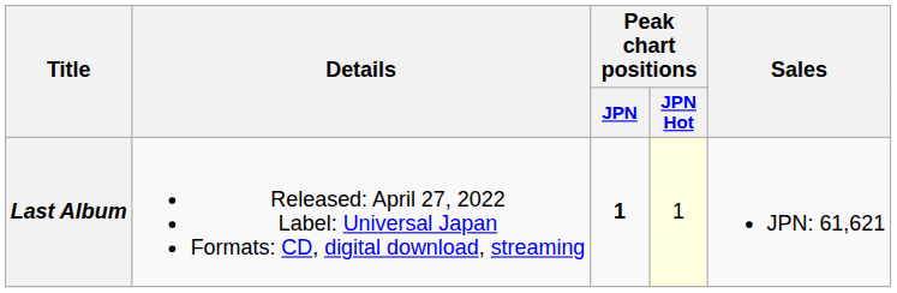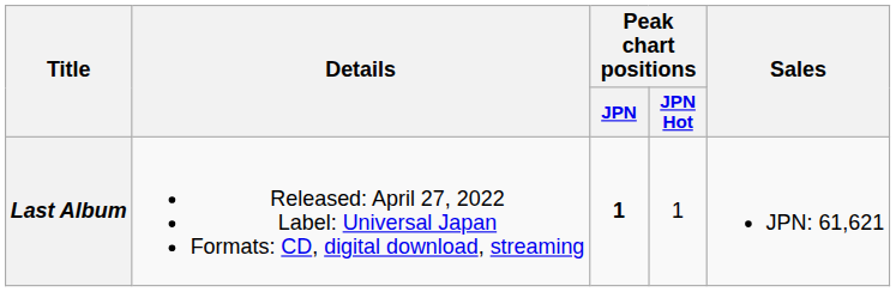 <table class="wikitable plainrowheaders" style="text-align:center;">
 <tr>
 <th scope="col" rowspan="2">Title</th>
 <th scope="col" rowspan="2">Details</th>
 <th scope="col" colspan="2">Peak chart positions</th>
 <th scope="col" rowspan="2">Sales</th>
 </tr>
 <tr>
 <th scope="col" style="width:2.75em;font-size:85%;"><a href='#'>JPN</a><br></th>
 <th scope="col" style="width:2.75em;font-size:85%;"><a href='#'>JPN<br>Hot</a><br></th>
 </tr>
 <tr>
 <th scope="row"><em>Last Album</em></th>
 <td><br><ul><li>Released: April 27, 2022</li><li>Label: <a href='#'>Universal Japan</a></li><li>Formats: <a href='#'>CD</a>, <a href='#'>digital download</a>, <a href='#'>streaming</a></li></ul></td>
 <td><strong>1</strong></td>
-<td style="background: lightyellow;">1</td>
+<td>1</td>
 <td><br><ul><li>JPN: 61,621</li></ul></td>
 </tr>
 </table>
